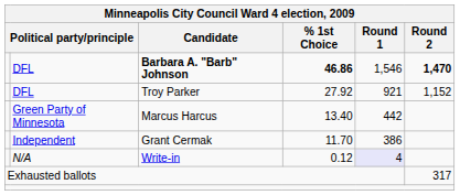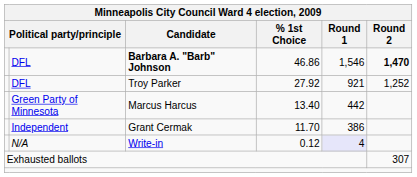 <table class="wikitable" style="font-size:95%">
 <tr>
 <th colspan="6">Minneapolis City Council Ward 4 election, 2009</th>
 </tr>
 <tr>
 <th colspan="2">Political party/principle</th>
 <th>Candidate</th>
 <th>% 1st Choice</th>
 <th>Round 1</th>
 <th>Round 2</th>
 </tr>
 <tr>
 <td style="background-color:"></td>
 <td><a href='#'>DFL</a></td>
 <td><strong>Barbara A. "Barb" Johnson</strong></td>
-<td align="right"><strong>46.86</strong></td>
+<td align="right">46.86</td>
 <td align="right">1,546</td>
 <td align="right"><strong>1,470</strong></td>
 </tr>
 <tr>
 <td style="background-color:"></td>
 <td><a href='#'>DFL</a></td>
 <td>Troy Parker</td>
 <td align="right">27.92</td>
 <td align="right">921</td>
-<td align="right">1,152</td>
+<td align="right">1,252</td>
 </tr>
 <tr>
 <td style="background-color:"></td>
 <td><a href='#'>Green Party of Minnesota</a></td>
 <td>Marcus Harcus</td>
 <td align="right">13.40</td>
 <td align="right">442</td>
 <td align="right"></td>
 </tr>
 <tr>
 <td style="background-color:"></td>
 <td><a href='#'>Independent</a></td>
 <td>Grant Cermak</td>
 <td align="right">11.70</td>
 <td align="right">386</td>
 <td align="right"></td>
 </tr>
 <tr>
 <td style="background-color:"></td>
 <td><em>N/A</em></td>
 <td><a href='#'>Write-in</a></td>
 <td align="right">0.12</td>
 <td align="right" style="background: lavender;">4</td>
 <td align="right"></td>
 </tr>
 <tr>
 <td colspan="5">Exhausted ballots</td>
-<td align="right">317</td>
+<td align="right">307</td>
 </tr>
 <tr>
 <td colspan="6"></td>
 </tr>
 </table>
